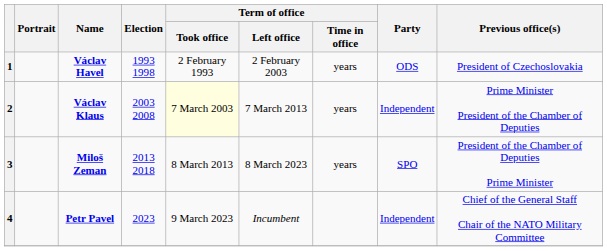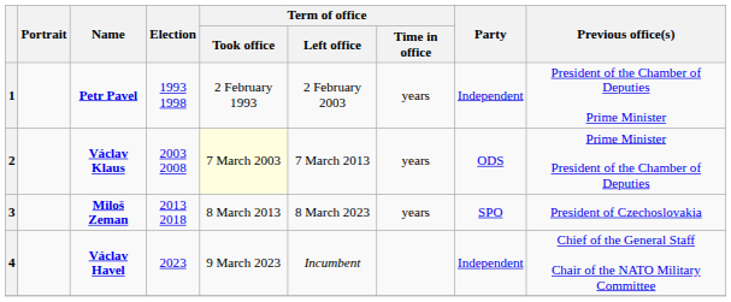 <table class="wikitable" style="text-align: center;">
 <tr>
 <th rowspan="2"></th>
 <th rowspan="2">Portrait</th>
 <th rowspan="2">Name</th>
 <th rowspan="2">Election</th>
 <th colspan="3">Term of office</th>
 <th rowspan="2">Party</th>
 <th rowspan="2">Previous office(s)</th>
 </tr>
 <tr>
 <th>Took office</th>
 <th>Left office</th>
 <th>Time in office</th>
 </tr>
 <tr>
 <th style="background: ">1</th>
 <td></td>
-<td><strong><a href='#'>Václav Havel</a></strong><br></td>
+<td><strong><a href='#'>Petr Pavel</a></strong><br></td>
 <td><a href='#'>1993</a><br><a href='#'>1998</a></td>
 <td>2 February 1993</td>
 <td>2 February 2003</td>
 <td> years</td>
-<td><a href='#'>ODS</a></td>
-<td><a href='#'>President of Czechoslovakia</a><br></td>
+<td><a href='#'>Independent</a></td>
+<td><a href='#'>President of the Chamber of Deputies</a><br><br><a href='#'>Prime Minister</a><br></td>
 </tr>
 <tr>
 <th style="background-color:">2</th>
 <td></td>
 <td><strong><a href='#'>Václav Klaus</a></strong><br></td>
 <td><a href='#'>2003</a><br><a href='#'>2008</a></td>
 <td style="background: lightyellow;">7 March 2003</td>
 <td>7 March 2013</td>
 <td> years</td>
-<td><a href='#'>Independent</a></td>
+<td><a href='#'>ODS</a></td>
 <td><a href='#'>Prime Minister</a><br><br><a href='#'>President of the Chamber of Deputies</a><br></td>
 </tr>
 <tr>
 <th style="background: ">3</th>
 <td></td>
 <td><strong><a href='#'>Miloš Zeman</a></strong><br></td>
 <td><a href='#'>2013</a><br><a href='#'>2018</a></td>
 <td>8 March 2013</td>
 <td>8 March 2023</td>
 <td> years</td>
 <td><a href='#'>SPO</a></td>
-<td><a href='#'>President of the Chamber of Deputies</a><br><br><a href='#'>Prime Minister</a><br></td>
+<td><a href='#'>President of Czechoslovakia</a><br></td>
 </tr>
 <tr>
 <th style="background-color:">4</th>
 <td></td>
-<td><strong><a href='#'>Petr Pavel</a></strong><br></td>
+<td><strong><a href='#'>Václav Havel</a></strong><br></td>
 <td><a href='#'>2023</a></td>
 <td>9 March 2023</td>
 <td><em>Incumbent</em></td>
 <td></td>
 <td><a href='#'>Independent</a></td>
 <td><a href='#'>Chief of the General Staff</a><br><br><a href='#'>Chair of the NATO Military Committee</a><br></td>
 </tr>
 <tr>
 </tr>
 </table>
